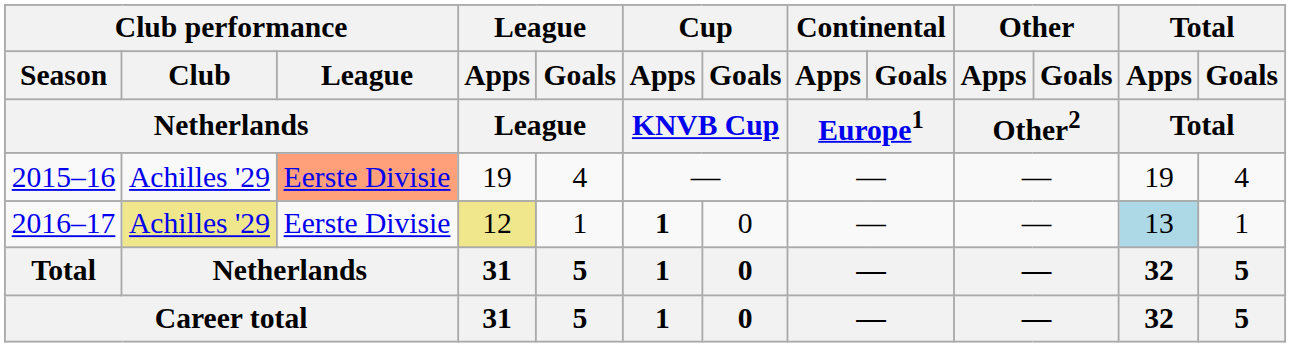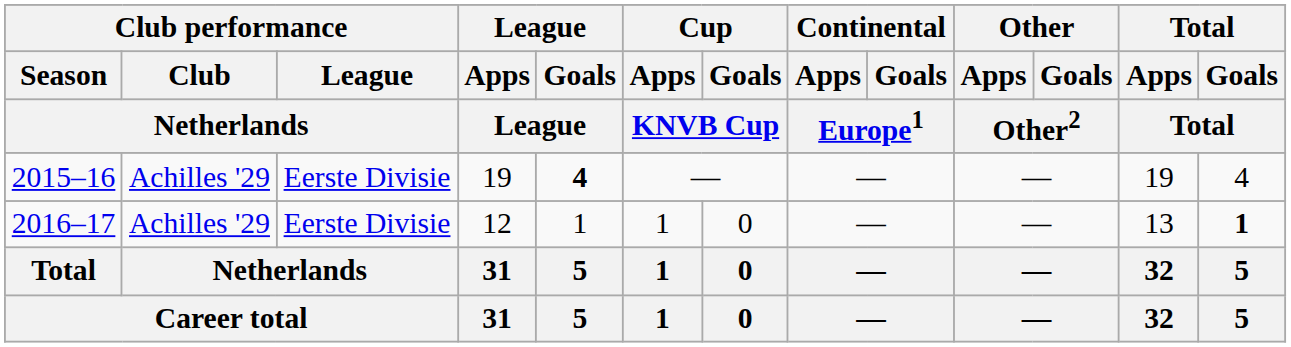 <table class="wikitable" style="text-align:center">
 <tr>
 <th colspan=3>Club performance</th>
 <th colspan=2>League</th>
 <th colspan=2>Cup</th>
 <th colspan=2>Continental</th>
 <th colspan=2>Other</th>
 <th colspan=2>Total</th>
 </tr>
 <tr>
 <th>Season</th>
 <th>Club</th>
 <th>League</th>
 <th>Apps</th>
 <th>Goals</th>
 <th>Apps</th>
 <th>Goals</th>
 <th>Apps</th>
 <th>Goals</th>
 <th>Apps</th>
 <th>Goals</th>
 <th>Apps</th>
 <th>Goals</th>
 </tr>
 <tr>
 <th colspan=3>Netherlands</th>
 <th colspan=2>League</th>
 <th colspan=2><a href='#'>KNVB Cup</a></th>
 <th colspan=2><a href='#'>Europe</a><sup>1</sup></th>
 <th colspan=2>Other<sup>2</sup></th>
 <th colspan=2>Total</th>
 </tr>
 <tr>
 <td><a href='#'>2015–16</a></td>
 <td><a href='#'>Achilles '29</a></td>
-<td style="background: lightsalmon;"><a href='#'>Eerste Divisie</a></td>
+<td><a href='#'>Eerste Divisie</a></td>
 <td>19</td>
-<td>4</td>
+<td><strong>4</strong></td>
 <td colspan=2>—</td>
 <td colspan=2>—</td>
 <td colspan=2>—</td>
 <td>19</td>
 <td>4</td>
 </tr>
 <tr>
 <td><a href='#'>2016–17</a></td>
-<td style="background: khaki;"><a href='#'>Achilles '29</a></td>
+<td><a href='#'>Achilles '29</a></td>
 <td><a href='#'>Eerste Divisie</a></td>
-<td style="background: khaki;">12</td>
+<td>12</td>
 <td>1</td>
-<td><strong>1</strong></td>
+<td>1</td>
 <td>0</td>
 <td colspan=2>—</td>
 <td colspan=2>—</td>
-<td style="background: lightblue;">13</td>
-<td>1</td>
+<td>13</td>
+<td><strong>1</strong></td>
 </tr>
 <tr>
 <th>Total</th>
 <th colspan=2>Netherlands</th>
 <th>31</th>
 <th>5</th>
 <th>1</th>
 <th>0</th>
 <th colspan=2>—</th>
 <th colspan=2>—</th>
 <th>32</th>
 <th>5</th>
 </tr>
 <tr>
 <th colspan=3>Career total</th>
 <th>31</th>
 <th>5</th>
 <th>1</th>
 <th>0</th>
 <th colspan=2>—</th>
 <th colspan=2>—</th>
 <th>32</th>
 <th>5</th>
 </tr>
 </table>
